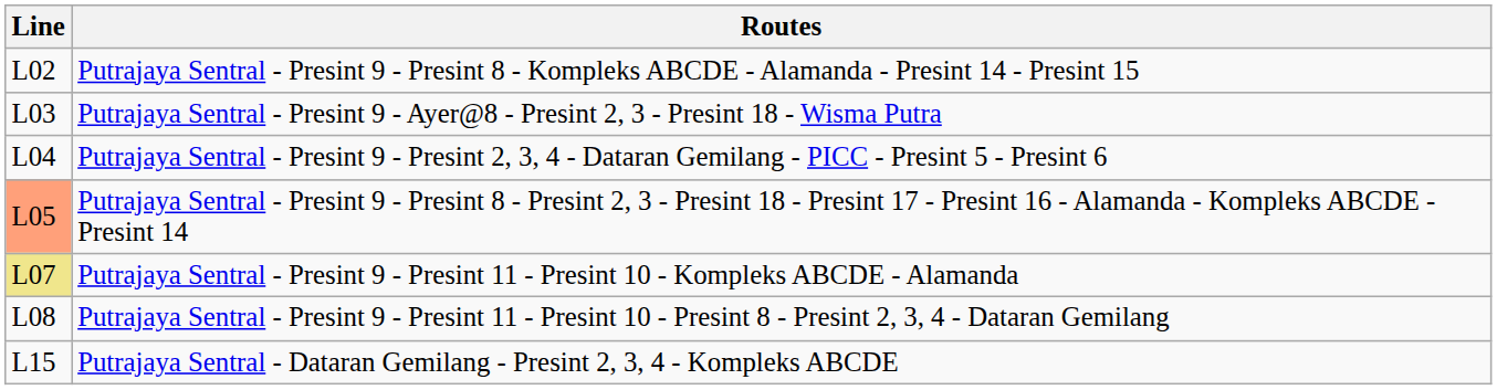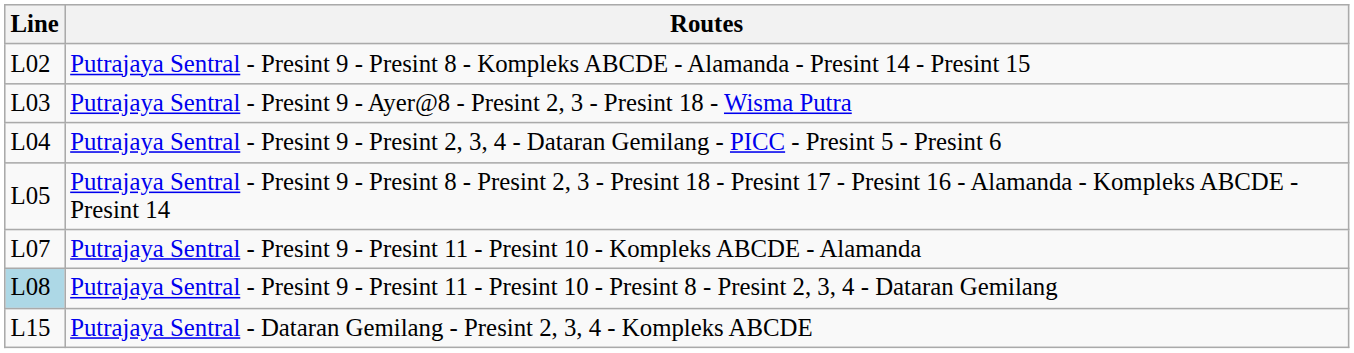 <table class="wikitable">
 <tr>
 <th>Line</th>
 <th>Routes</th>
 </tr>
 <tr>
 <td>L02</td>
 <td><a href='#'>Putrajaya Sentral</a> - Presint 9 - Presint 8 - Kompleks ABCDE - Alamanda - Presint 14 - Presint 15</td>
 </tr>
 <tr>
 <td>L03</td>
 <td><a href='#'>Putrajaya Sentral</a> - Presint 9 - Ayer@8 - Presint 2, 3 - Presint 18 - <a href='#'>Wisma Putra</a></td>
 </tr>
 <tr>
 <td>L04</td>
 <td><a href='#'>Putrajaya Sentral</a> - Presint 9 - Presint 2, 3, 4 - Dataran Gemilang - <a href='#'>PICC</a> - Presint 5 - Presint 6</td>
 </tr>
 <tr>
-<td style="background: lightsalmon;">L05</td>
+<td>L05</td>
 <td><a href='#'>Putrajaya Sentral</a> - Presint 9 - Presint 8 - Presint 2, 3 - Presint 18 - Presint 17 - Presint 16 - Alamanda - Kompleks ABCDE - Presint 14</td>
 </tr>
 <tr>
-<td style="background: khaki;">L07</td>
+<td>L07</td>
 <td><a href='#'>Putrajaya Sentral</a> - Presint 9 - Presint 11 - Presint 10 - Kompleks ABCDE - Alamanda</td>
 </tr>
 <tr>
-<td>L08</td>
+<td style="background: lightblue;">L08</td>
 <td><a href='#'>Putrajaya Sentral</a> - Presint 9 - Presint 11 - Presint 10 - Presint 8 - Presint 2, 3, 4 - Dataran Gemilang</td>
 </tr>
 <tr>
 <td>L15</td>
 <td><a href='#'>Putrajaya Sentral</a> - Dataran Gemilang - Presint 2, 3, 4 - Kompleks ABCDE</td>
 </tr>
 </table>
